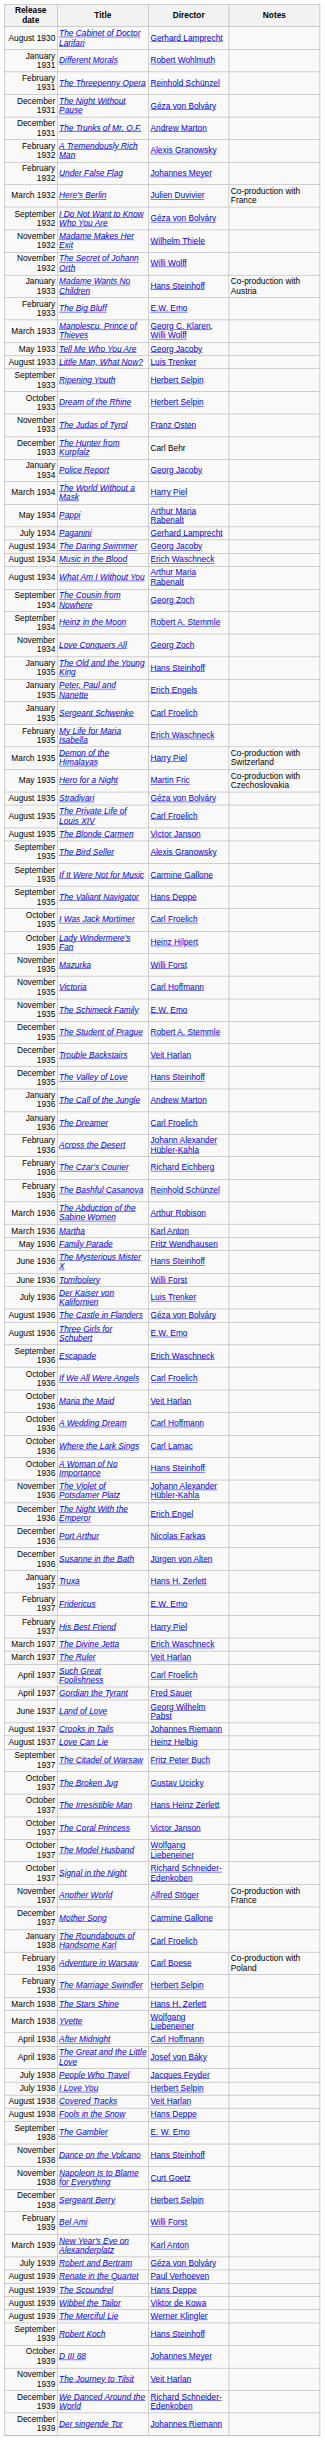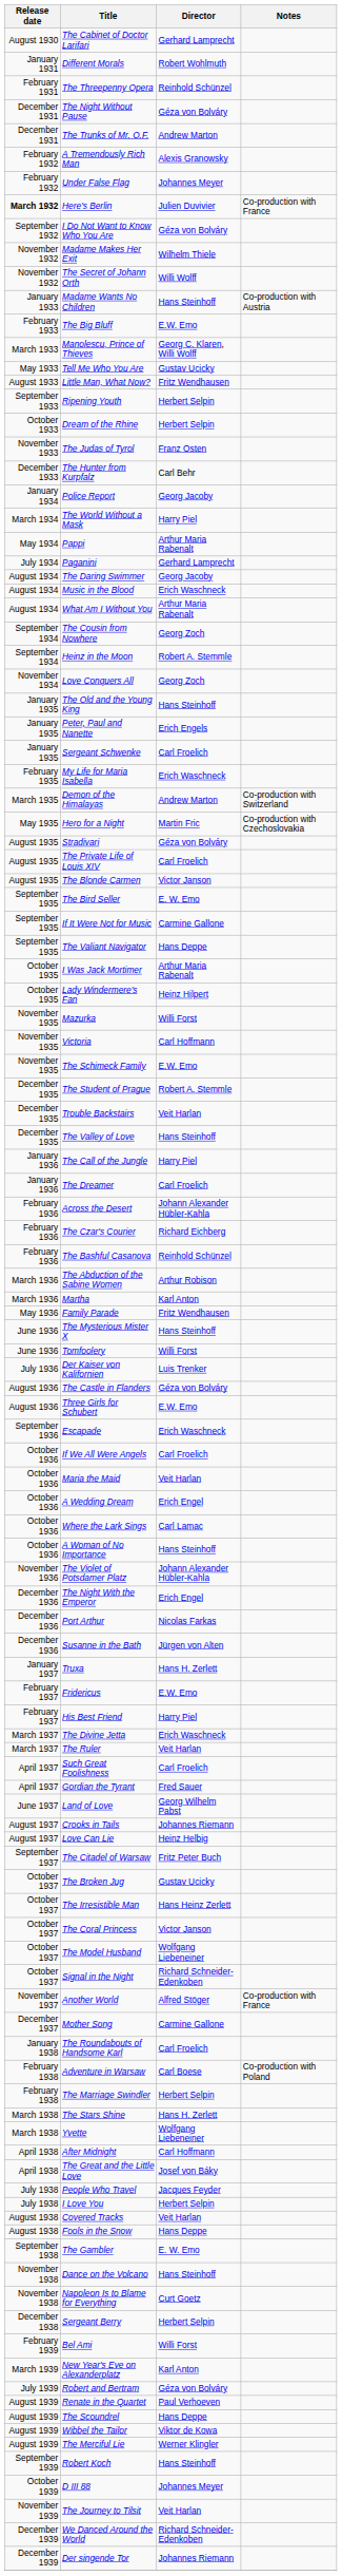 <table class="wikitable sortable">
 <tr>
 <th>Release date</th>
 <th>Title</th>
 <th>Director</th>
 <th class="unsortable">Notes</th>
 </tr>
 <tr>
 <td align="right">August 1930</td>
 <td><em><a href='#'>The Cabinet of Doctor Larifari</a></em></td>
 <td><a href='#'>Gerhard Lamprecht</a></td>
 <td></td>
 </tr>
 <tr>
 <td align="right">January 1931</td>
 <td><em><a href='#'>Different Morals</a></em></td>
 <td><a href='#'>Robert Wohlmuth</a></td>
 <td></td>
 </tr>
 <tr>
 <td align="right">February 1931</td>
 <td><em><a href='#'>The Threepenny Opera</a></em></td>
 <td><a href='#'>Reinhold Schünzel</a></td>
 <td></td>
 </tr>
 <tr>
 <td align="right">December 1931</td>
 <td><em><a href='#'>The Night Without Pause</a></em></td>
 <td><a href='#'>Géza von Bolváry</a></td>
 <td></td>
 </tr>
 <tr>
 <td align="right">December 1931</td>
 <td><em><a href='#'>The Trunks of Mr. O.F.</a></em></td>
 <td><a href='#'>Andrew Marton</a></td>
 <td></td>
 </tr>
 <tr>
 <td align="right">February 1932</td>
 <td><em><a href='#'>A Tremendously Rich Man</a></em></td>
 <td><a href='#'>Alexis Granowsky</a></td>
 <td></td>
 </tr>
 <tr>
 <td align="right">February 1932</td>
 <td><em><a href='#'>Under False Flag</a></em></td>
 <td><a href='#'>Johannes Meyer</a></td>
 <td></td>
 </tr>
 <tr>
-<td align="right">March 1932</td>
+<td align="right"><strong>March 1932</strong></td>
 <td><em><a href='#'>Here's Berlin</a></em></td>
 <td><a href='#'>Julien Duvivier</a></td>
 <td>Co-production with France</td>
 </tr>
 <tr>
 <td align="right">September 1932</td>
 <td><em><a href='#'>I Do Not Want to Know Who You Are</a></em></td>
 <td><a href='#'>Géza von Bolváry</a></td>
 <td></td>
 </tr>
 <tr>
 <td align="right">November 1932</td>
 <td><em><a href='#'>Madame Makes Her Exit</a></em></td>
 <td><a href='#'>Wilhelm Thiele</a></td>
 <td></td>
 </tr>
 <tr>
 <td align="right">November 1932</td>
 <td><em><a href='#'>The Secret of Johann Orth</a></em></td>
 <td><a href='#'>Willi Wolff</a></td>
 <td></td>
 </tr>
 <tr>
 <td align="right">January 1933</td>
 <td><em><a href='#'>Madame Wants No Children</a></em></td>
 <td><a href='#'>Hans Steinhoff</a></td>
 <td>Co-production with Austria</td>
 </tr>
 <tr>
 <td align="right">February 1933</td>
 <td><em><a href='#'>The Big Bluff</a></em></td>
 <td><a href='#'>E.W. Emo</a></td>
 <td></td>
 </tr>
 <tr>
 <td align="right">March 1933</td>
 <td><em><a href='#'>Manolescu, Prince of Thieves</a></em></td>
 <td><a href='#'>Georg C. Klaren</a>, <a href='#'>Willi Wolff</a></td>
 <td></td>
 </tr>
 <tr>
 <td align="right">May 1933</td>
 <td><em><a href='#'>Tell Me Who You Are</a></em></td>
-<td><a href='#'>Georg Jacoby</a></td>
+<td><a href='#'>Gustav Ucicky</a></td>
 <td></td>
 </tr>
 <tr>
 <td align="right">August 1933</td>
 <td><em><a href='#'>Little Man, What Now?</a></em></td>
-<td><a href='#'>Luis Trenker</a></td>
+<td><a href='#'>Fritz Wendhausen</a></td>
 <td></td>
 </tr>
 <tr>
 <td align="right">September 1933</td>
 <td><em><a href='#'>Ripening Youth</a></em></td>
 <td><a href='#'>Herbert Selpin</a></td>
 <td></td>
 </tr>
 <tr>
 <td align="right">October 1933</td>
 <td><em><a href='#'>Dream of the Rhine</a></em></td>
 <td><a href='#'>Herbert Selpin</a></td>
 <td></td>
 </tr>
 <tr>
 <td align="right">November 1933</td>
 <td><em><a href='#'>The Judas of Tyrol</a></em></td>
 <td><a href='#'>Franz Osten</a></td>
 <td></td>
 </tr>
 <tr>
 <td align="right">December 1933</td>
 <td><em><a href='#'>The Hunter from Kurpfalz</a></em></td>
 <td>Carl Behr</td>
 <td></td>
 </tr>
 <tr>
 <td align="right">January 1934</td>
 <td><em><a href='#'>Police Report</a></em></td>
 <td><a href='#'>Georg Jacoby</a></td>
 <td></td>
 </tr>
 <tr>
 <td align="right">March 1934</td>
 <td><em><a href='#'>The World Without a Mask</a></em></td>
 <td><a href='#'>Harry Piel</a></td>
 <td></td>
 </tr>
 <tr>
 <td align="right">May 1934</td>
 <td><em><a href='#'>Pappi</a></em></td>
 <td><a href='#'>Arthur Maria Rabenalt</a></td>
 <td></td>
 </tr>
 <tr>
 <td align="right">July 1934</td>
 <td><em><a href='#'>Paganini</a></em></td>
 <td><a href='#'>Gerhard Lamprecht</a></td>
 <td></td>
 </tr>
 <tr>
 <td align="right">August 1934</td>
 <td><em><a href='#'>The Daring Swimmer</a></em></td>
 <td><a href='#'>Georg Jacoby</a></td>
 <td></td>
 </tr>
 <tr>
 <td align="right">August 1934</td>
 <td><em><a href='#'>Music in the Blood</a></em></td>
 <td><a href='#'>Erich Waschneck</a></td>
 <td></td>
 </tr>
 <tr>
 <td align="right">August 1934</td>
 <td><em><a href='#'>What Am I Without You</a></em></td>
 <td><a href='#'>Arthur Maria Rabenalt</a></td>
 <td></td>
 </tr>
 <tr>
 <td align="right">September 1934</td>
 <td><em><a href='#'>The Cousin from Nowhere</a></em></td>
 <td><a href='#'>Georg Zoch</a></td>
 <td></td>
 </tr>
 <tr>
 <td align="right">September 1934</td>
 <td><em><a href='#'>Heinz in the Moon</a></em></td>
 <td><a href='#'>Robert A. Stemmle</a></td>
 <td></td>
 </tr>
 <tr>
 <td align="right">November 1934</td>
 <td><em><a href='#'>Love Conquers All</a></em></td>
 <td><a href='#'>Georg Zoch</a></td>
 <td></td>
 </tr>
 <tr>
 <td align="right">January 1935</td>
 <td><em><a href='#'>The Old and the Young King</a></em></td>
 <td><a href='#'>Hans Steinhoff</a></td>
 <td></td>
 </tr>
 <tr>
 <td align="right">January 1935</td>
 <td><em><a href='#'>Peter, Paul and Nanette</a></em></td>
 <td><a href='#'>Erich Engels</a></td>
 <td></td>
 </tr>
 <tr>
 <td align="right">January 1935</td>
 <td><em><a href='#'>Sergeant Schwenke</a></em></td>
 <td><a href='#'>Carl Froelich</a></td>
 <td></td>
 </tr>
 <tr>
 <td align="right">February 1935</td>
 <td><em><a href='#'>My Life for Maria Isabella</a></em></td>
 <td><a href='#'>Erich Waschneck</a></td>
 <td></td>
 </tr>
 <tr>
 <td align="right">March 1935</td>
 <td><em><a href='#'>Demon of the Himalayas</a></em></td>
-<td><a href='#'>Harry Piel</a></td>
+<td><a href='#'>Andrew Marton</a></td>
 <td>Co-production with Switzerland</td>
 </tr>
 <tr>
 <td align="right">May 1935</td>
 <td><em><a href='#'>Hero for a Night</a></em></td>
 <td><a href='#'>Martin Fric</a></td>
 <td>Co-production with Czechoslovakia</td>
 </tr>
 <tr>
 <td align="right">August 1935</td>
 <td><em><a href='#'>Stradivari</a></em></td>
 <td><a href='#'>Géza von Bolváry</a></td>
 <td></td>
 </tr>
 <tr>
 <td align="right">August 1935</td>
 <td><em><a href='#'>The Private Life of Louis XIV</a></em></td>
 <td><a href='#'>Carl Froelich</a></td>
 <td></td>
 </tr>
 <tr>
 <td align="right">August 1935</td>
 <td><em><a href='#'>The Blonde Carmen</a></em></td>
 <td><a href='#'>Victor Janson</a></td>
 <td></td>
 </tr>
 <tr>
 <td align="right">September 1935</td>
 <td><em><a href='#'>The Bird Seller</a></em></td>
-<td><a href='#'>Alexis Granowsky</a></td>
+<td><a href='#'>E. W. Emo</a></td>
 <td></td>
 </tr>
 <tr>
 <td align="right">September 1935</td>
 <td><em><a href='#'>If It Were Not for Music</a></em></td>
 <td><a href='#'>Carmine Gallone</a></td>
 <td></td>
 </tr>
 <tr>
 <td align="right">September 1935</td>
 <td><em><a href='#'>The Valiant Navigator</a></em></td>
 <td><a href='#'>Hans Deppe</a></td>
 <td></td>
 </tr>
 <tr>
 <td align="right">October 1935</td>
 <td><em><a href='#'>I Was Jack Mortimer</a></em></td>
-<td><a href='#'>Carl Froelich</a></td>
+<td><a href='#'>Arthur Maria Rabenalt</a></td>
 <td></td>
 </tr>
 <tr>
 <td align="right">October 1935</td>
 <td><em><a href='#'>Lady Windermere's Fan</a></em></td>
 <td><a href='#'>Heinz Hilpert</a></td>
 <td></td>
 </tr>
 <tr>
 <td align="right">November 1935</td>
 <td><em><a href='#'>Mazurka</a></em></td>
 <td><a href='#'>Willi Forst</a></td>
 <td></td>
 </tr>
 <tr>
 <td align="right">November 1935</td>
 <td><em><a href='#'>Victoria</a></em></td>
 <td><a href='#'>Carl Hoffmann</a></td>
 <td></td>
 </tr>
 <tr>
 <td align="right">November 1935</td>
 <td><em><a href='#'>The Schimeck Family</a></em></td>
 <td><a href='#'>E.W. Emo</a></td>
 <td></td>
 </tr>
 <tr>
 <td align="right">December 1935</td>
 <td><em><a href='#'>The Student of Prague</a></em></td>
 <td><a href='#'>Robert A. Stemmle</a></td>
 <td></td>
 </tr>
 <tr>
 <td align="right">December 1935</td>
 <td><em><a href='#'>Trouble Backstairs</a></em></td>
 <td><a href='#'>Veit Harlan</a></td>
 <td></td>
 </tr>
 <tr>
 <td align="right">December 1935</td>
 <td><em><a href='#'>The Valley of Love</a></em></td>
 <td><a href='#'>Hans Steinhoff</a></td>
 <td></td>
 </tr>
 <tr>
 <td align="right">January 1936</td>
 <td><em><a href='#'>The Call of the Jungle</a></em></td>
-<td><a href='#'>Andrew Marton</a></td>
+<td><a href='#'>Harry Piel</a></td>
 <td></td>
 </tr>
 <tr>
 <td align="right">January 1936</td>
 <td><em><a href='#'>The Dreamer</a></em></td>
 <td><a href='#'>Carl Froelich</a></td>
 <td></td>
 </tr>
 <tr>
 <td align="right">February 1936</td>
 <td><em><a href='#'>Across the Desert</a></em></td>
 <td><a href='#'>Johann Alexander Hübler-Kahla</a></td>
 <td></td>
 </tr>
 <tr>
 <td align="right">February 1936</td>
 <td><em><a href='#'>The Czar's Courier</a></em></td>
 <td><a href='#'>Richard Eichberg</a></td>
 <td></td>
 </tr>
 <tr>
 <td align="right">February 1936</td>
 <td><em><a href='#'>The Bashful Casanova</a></em></td>
 <td><a href='#'>Reinhold Schünzel</a></td>
 <td></td>
 </tr>
 <tr>
 <td align="right">March 1936</td>
 <td><em><a href='#'>The Abduction of the Sabine Women</a></em></td>
 <td><a href='#'>Arthur Robison</a></td>
 <td></td>
 </tr>
 <tr>
 <td align="right">March 1936</td>
 <td><em><a href='#'>Martha</a></em></td>
 <td><a href='#'>Karl Anton</a></td>
 <td></td>
 </tr>
 <tr>
 <td align="right">May 1936</td>
 <td><em><a href='#'>Family Parade</a></em></td>
 <td><a href='#'>Fritz Wendhausen</a></td>
 <td></td>
 </tr>
 <tr>
 <td align="right">June 1936</td>
 <td><em><a href='#'>The Mysterious Mister X</a></em></td>
 <td><a href='#'>Hans Steinhoff</a></td>
 <td></td>
 </tr>
 <tr>
 <td align="right">June 1936</td>
 <td><em><a href='#'>Tomfoolery</a></em></td>
 <td><a href='#'>Willi Forst</a></td>
 <td></td>
 </tr>
 <tr>
 <td align="right">July 1936</td>
 <td><em><a href='#'>Der Kaiser von Kalifornien</a></em></td>
 <td><a href='#'>Luis Trenker</a></td>
 <td></td>
 </tr>
 <tr>
 <td align="right">August 1936</td>
 <td><em><a href='#'>The Castle in Flanders</a></em></td>
 <td><a href='#'>Géza von Bolváry</a></td>
 <td></td>
 </tr>
 <tr>
 <td align="right">August 1936</td>
 <td><em><a href='#'>Three Girls for Schubert</a></em></td>
 <td><a href='#'>E.W. Emo</a></td>
 <td></td>
 </tr>
 <tr>
 <td align="right">September 1936</td>
 <td><em><a href='#'>Escapade</a></em></td>
 <td><a href='#'>Erich Waschneck</a></td>
 <td></td>
 </tr>
 <tr>
 <td align="right">October 1936</td>
 <td><em><a href='#'>If We All Were Angels</a></em></td>
 <td><a href='#'>Carl Froelich</a></td>
 <td></td>
 </tr>
 <tr>
 <td align="right">October 1936</td>
 <td><em><a href='#'>Maria the Maid</a></em></td>
 <td><a href='#'>Veit Harlan</a></td>
 <td></td>
 </tr>
 <tr>
 <td align="right">October 1936</td>
 <td><em><a href='#'>A Wedding Dream</a></em></td>
-<td><a href='#'>Carl Hoffmann</a></td>
+<td><a href='#'>Erich Engel</a></td>
 <td></td>
 </tr>
 <tr>
 <td align="right">October 1936</td>
 <td><em><a href='#'>Where the Lark Sings</a></em></td>
 <td><a href='#'>Carl Lamac</a></td>
 <td></td>
 </tr>
 <tr>
 <td align="right">October 1936</td>
 <td><em><a href='#'>A Woman of No Importance</a></em></td>
 <td><a href='#'>Hans Steinhoff</a></td>
 <td></td>
 </tr>
 <tr>
 <td align="right">November 1936</td>
 <td><em><a href='#'>The Violet of Potsdamer Platz</a></em></td>
 <td><a href='#'>Johann Alexander Hübler-Kahla</a></td>
 <td></td>
 </tr>
 <tr>
 <td align="right">December 1936</td>
 <td><em><a href='#'>The Night With the Emperor</a></em></td>
 <td><a href='#'>Erich Engel</a></td>
 <td></td>
 </tr>
 <tr>
 <td align="right">December 1936</td>
 <td><em><a href='#'>Port Arthur</a></em></td>
 <td><a href='#'>Nicolas Farkas</a></td>
 <td></td>
 </tr>
 <tr>
 <td align="right">December 1936</td>
 <td><em><a href='#'>Susanne in the Bath</a></em></td>
 <td><a href='#'>Jürgen von Alten</a></td>
 <td></td>
 </tr>
 <tr>
 <td align="right">January 1937</td>
 <td><em><a href='#'>Truxa</a></em></td>
 <td><a href='#'>Hans H. Zerlett</a></td>
 <td></td>
 </tr>
 <tr>
 <td align="right">February 1937</td>
 <td><em><a href='#'>Fridericus </a></em></td>
 <td><a href='#'>E.W. Emo</a></td>
 <td></td>
 </tr>
 <tr>
 <td align="right">February 1937</td>
 <td><em><a href='#'>His Best Friend</a></em></td>
 <td><a href='#'>Harry Piel</a></td>
 <td></td>
 </tr>
 <tr>
 <td align="right">March 1937</td>
 <td><em><a href='#'>The Divine Jetta</a></em></td>
 <td><a href='#'>Erich Waschneck</a></td>
 <td></td>
 </tr>
 <tr>
 <td align="right">March 1937</td>
 <td><em><a href='#'>The Ruler</a></em></td>
 <td><a href='#'>Veit Harlan</a></td>
 <td></td>
 </tr>
 <tr>
 <td align="right">April 1937</td>
 <td><em><a href='#'>Such Great Foolishness</a></em></td>
 <td><a href='#'>Carl Froelich</a></td>
 <td></td>
 </tr>
 <tr>
 <td align="right">April 1937</td>
 <td><em><a href='#'>Gordian the Tyrant</a></em></td>
 <td><a href='#'>Fred Sauer</a></td>
 <td></td>
 </tr>
 <tr>
 <td align="right">June 1937</td>
 <td><em><a href='#'>Land of Love</a></em></td>
 <td><a href='#'>Georg Wilhelm Pabst</a></td>
 <td></td>
 </tr>
 <tr>
 <td align="right">August 1937</td>
 <td><em><a href='#'>Crooks in Tails</a></em></td>
 <td><a href='#'>Johannes Riemann</a></td>
 <td></td>
 </tr>
 <tr>
 <td align="right">August 1937</td>
 <td><em><a href='#'>Love Can Lie</a></em></td>
 <td><a href='#'>Heinz Helbig</a></td>
 <td></td>
 </tr>
 <tr>
 <td align="right">September 1937</td>
 <td><em><a href='#'>The Citadel of Warsaw</a></em></td>
 <td><a href='#'>Fritz Peter Buch</a></td>
 <td></td>
 </tr>
 <tr>
 <td align="right">October 1937</td>
 <td><em><a href='#'>The Broken Jug</a></em></td>
 <td><a href='#'>Gustav Ucicky</a></td>
 <td></td>
 </tr>
 <tr>
 <td align="right">October 1937</td>
 <td><em><a href='#'>The Irresistible Man</a></em></td>
 <td><a href='#'>Hans Heinz Zerlett</a></td>
 <td></td>
 </tr>
 <tr>
 <td align="right">October 1937</td>
 <td><em><a href='#'>The Coral Princess</a></em></td>
 <td><a href='#'>Victor Janson</a></td>
 <td></td>
 </tr>
 <tr>
 <td align="right">October 1937</td>
 <td><em><a href='#'>The Model Husband</a></em></td>
 <td><a href='#'>Wolfgang Liebeneiner</a></td>
 <td></td>
 </tr>
 <tr>
 <td align="right">October 1937</td>
 <td><em><a href='#'>Signal in the Night</a></em></td>
 <td><a href='#'>Richard Schneider-Edenkoben</a></td>
 <td></td>
 </tr>
 <tr>
 <td align="right">November 1937</td>
 <td><em><a href='#'>Another World</a></em></td>
 <td><a href='#'>Alfred Stöger</a></td>
 <td>Co-production with France</td>
 </tr>
 <tr>
 <td align="right">December 1937</td>
 <td><em><a href='#'>Mother Song</a></em></td>
 <td><a href='#'>Carmine Gallone</a></td>
 <td></td>
 </tr>
 <tr>
 <td align="right">January 1938</td>
 <td><em><a href='#'>The Roundabouts of Handsome Karl</a></em></td>
 <td><a href='#'>Carl Froelich</a></td>
 <td></td>
 </tr>
 <tr>
 <td align="right">February 1938</td>
 <td><em><a href='#'>Adventure in Warsaw</a></em></td>
 <td><a href='#'>Carl Boese</a></td>
 <td>Co-production with Poland</td>
 </tr>
 <tr>
 <td align="right">February 1938</td>
 <td><em><a href='#'>The Marriage Swindler</a></em></td>
 <td><a href='#'>Herbert Selpin</a></td>
 <td></td>
 </tr>
 <tr>
 <td align="right">March 1938</td>
 <td><em><a href='#'>The Stars Shine</a></em></td>
 <td><a href='#'>Hans H. Zerlett</a></td>
 <td></td>
 </tr>
 <tr>
 <td align="right">March 1938</td>
 <td><em><a href='#'>Yvette</a></em></td>
 <td><a href='#'>Wolfgang Liebeneiner</a></td>
 <td></td>
 </tr>
 <tr>
 <td align="right">April 1938</td>
 <td><em><a href='#'>After Midnight</a></em></td>
 <td><a href='#'>Carl Hoffmann</a></td>
 <td></td>
 </tr>
 <tr>
 <td align="right">April 1938</td>
 <td><em><a href='#'>The Great and the Little Love</a></em></td>
 <td><a href='#'>Josef von Báky</a></td>
 <td></td>
 </tr>
 <tr>
 <td align="right">July 1938</td>
 <td><em><a href='#'>People Who Travel</a></em></td>
 <td><a href='#'>Jacques Feyder</a></td>
 <td></td>
 </tr>
 <tr>
 <td align="right">July 1938</td>
 <td><em><a href='#'>I Love You</a></em></td>
 <td><a href='#'>Herbert Selpin</a></td>
 <td></td>
 </tr>
 <tr>
 <td align="right">August 1938</td>
 <td><em><a href='#'>Covered Tracks</a></em></td>
 <td><a href='#'>Veit Harlan</a></td>
 <td></td>
 </tr>
 <tr>
 <td align="right">August 1938</td>
 <td><em><a href='#'>Fools in the Snow</a></em></td>
 <td><a href='#'>Hans Deppe</a></td>
 <td></td>
 </tr>
 <tr>
 <td align="right">September 1938</td>
 <td><em><a href='#'>The Gambler</a></em></td>
 <td><a href='#'>E. W. Emo</a></td>
 <td></td>
 </tr>
 <tr>
 <td align="right">November 1938</td>
 <td><em><a href='#'>Dance on the Volcano</a></em></td>
 <td><a href='#'>Hans Steinhoff</a></td>
 <td></td>
 </tr>
 <tr>
 <td align="right">November 1938</td>
 <td><em><a href='#'>Napoleon Is to Blame for Everything</a></em></td>
 <td><a href='#'>Curt Goetz</a></td>
 <td></td>
 </tr>
 <tr>
 <td align="right">December 1938</td>
 <td><em><a href='#'>Sergeant Berry</a></em></td>
 <td><a href='#'>Herbert Selpin</a></td>
 <td></td>
 </tr>
 <tr>
 <td align="right">February 1939</td>
 <td><em><a href='#'>Bel Ami</a></em></td>
 <td><a href='#'>Willi Forst</a></td>
 <td></td>
 </tr>
 <tr>
 <td align="right">March 1939</td>
 <td><em><a href='#'>New Year's Eve on Alexanderplatz</a></em></td>
 <td><a href='#'>Karl Anton</a></td>
 <td></td>
 </tr>
 <tr>
 <td align="right">July 1939</td>
 <td><em><a href='#'>Robert and Bertram</a></em></td>
 <td><a href='#'>Géza von Bolváry</a></td>
 <td></td>
 </tr>
 <tr>
 <td align="right">August 1939</td>
 <td><em><a href='#'>Renate in the Quartet</a></em></td>
 <td><a href='#'>Paul Verhoeven</a></td>
 <td></td>
 </tr>
 <tr>
 <td align="right">August 1939</td>
 <td><em><a href='#'>The Scoundrel</a></em></td>
 <td><a href='#'>Hans Deppe</a></td>
 <td></td>
 </tr>
 <tr>
 <td align="right">August 1939</td>
 <td><em><a href='#'>Wibbel the Tailor</a></em></td>
 <td><a href='#'>Viktor de Kowa</a></td>
 <td></td>
 </tr>
 <tr>
 <td align="right">August 1939</td>
 <td><em><a href='#'>The Merciful Lie</a></em></td>
 <td><a href='#'>Werner Klingler</a></td>
 <td></td>
 </tr>
 <tr>
 <td align="right">September 1939</td>
 <td><em><a href='#'>Robert Koch</a></em></td>
 <td><a href='#'>Hans Steinhoff</a></td>
 <td></td>
 </tr>
 <tr>
 <td align="right">October 1939</td>
 <td><em><a href='#'>D III 88</a></em></td>
 <td><a href='#'>Johannes Meyer</a></td>
 <td></td>
 </tr>
 <tr>
 <td align="right">November 1939</td>
 <td><em><a href='#'>The Journey to Tilsit</a></em></td>
 <td><a href='#'>Veit Harlan</a></td>
 <td></td>
 </tr>
 <tr>
 <td align="right">December 1939</td>
 <td><em><a href='#'>We Danced Around the World</a></em></td>
 <td><a href='#'>Richard Schneider-Edenkoben</a></td>
 <td></td>
 </tr>
 <tr>
 <td align="right">December 1939</td>
 <td><em><a href='#'>Der singende Tor</a></em></td>
 <td><a href='#'>Johannes Riemann</a></td>
 <td></td>
 </tr>
 <tr>
 </tr>
 </table>
